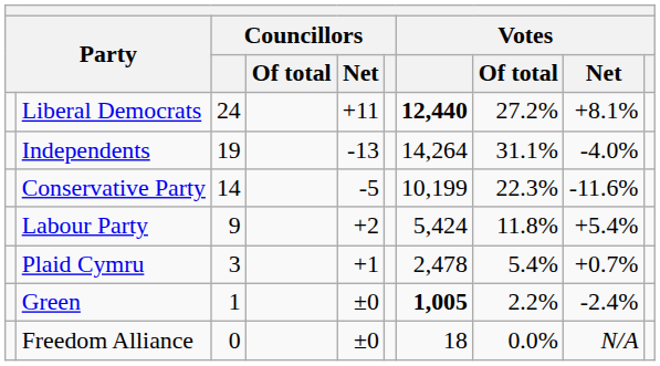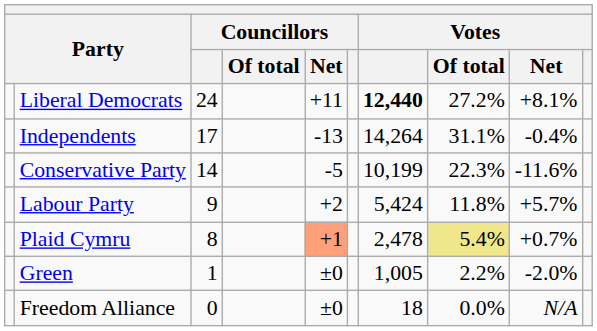 <table class="wikitable sortable" style="text-align:center;">
 <tr>
 <th colspan="10"></th>
 </tr>
 <tr>
 <th colspan="2" rowspan="2">Party</th>
 <th colspan="4">Councillors</th>
 <th colspan="4">Votes</th>
 </tr>
 <tr>
 <th></th>
 <th>Of total</th>
 <th>Net</th>
 <th class="unsortable"></th>
 <th></th>
 <th>Of total</th>
 <th>Net</th>
 <th class="unsortable"></th>
 </tr>
 <tr>
 <td style="background:"></td>
 <td style="text-align:left;"><a href='#'>Liberal Democrats</a></td>
 <td style="text-align:right;">24</td>
 <td style="text-align:right;"></td>
 <td style="text-align:right;">+11</td>
 <td data-sort-value=""></td>
 <td style="text-align:right;"><strong>12,440</strong></td>
 <td style="text-align:right;">27.2%</td>
 <td style="text-align:right;">+8.1%</td>
 <td></td>
 </tr>
 <tr>
 <td style="background:"></td>
 <td style="text-align:left;"><a href='#'>Independents</a></td>
-<td style="text-align:right;">19</td>
+<td style="text-align:right;">17</td>
 <td style="text-align:right;"></td>
 <td style="text-align:right;">-13</td>
 <td data-sort-value=""></td>
 <td style="text-align:right;">14,264</td>
 <td style="text-align:right;">31.1%</td>
-<td style="text-align:right;">-4.0%</td>
+<td style="text-align:right;">-0.4%</td>
 <td></td>
 </tr>
 <tr>
 <td style="background:"></td>
 <td style="text-align:left;"><a href='#'>Conservative Party</a></td>
 <td style="text-align:right;">14</td>
 <td style="text-align:right;"></td>
 <td style="text-align:right;">-5</td>
 <td data-sort-value=""></td>
 <td style="text-align:right;">10,199</td>
 <td style="text-align:right;">22.3%</td>
 <td style="text-align:right;">-11.6%</td>
 <td></td>
 </tr>
 <tr>
 <td style="background:"></td>
 <td style="text-align:left;"><a href='#'>Labour Party</a></td>
 <td style="text-align:right;">9</td>
 <td style="text-align:right;"></td>
 <td style="text-align:right;">+2</td>
 <td data-sort-value=""></td>
 <td style="text-align:right;">5,424</td>
 <td style="text-align:right;">11.8%</td>
-<td style="text-align:right;">+5.4%</td>
+<td style="text-align:right;">+5.7%</td>
 <td></td>
 </tr>
 <tr>
 <td style="background:"></td>
 <td style="text-align:left;"><a href='#'>Plaid Cymru</a></td>
-<td style="text-align:right;">3</td>
+<td style="text-align:right;">8</td>
 <td style="text-align:right;"></td>
-<td style="text-align:right;">+1</td>
+<td style="background: lightsalmon; text-align:right;">+1</td>
 <td data-sort-value=""></td>
 <td style="text-align:right;">2,478</td>
-<td style="text-align:right;">5.4%</td>
+<td style="background: khaki; text-align:right;">5.4%</td>
 <td style="text-align:right;">+0.7%</td>
 <td></td>
 </tr>
 <tr>
 <td style="background:"></td>
 <td style="text-align:left;"><a href='#'>Green</a></td>
 <td style="text-align:right;">1</td>
 <td style="text-align:right;"></td>
 <td style="text-align:right;">±0</td>
 <td data-sort-value=""></td>
-<td style="text-align:right;"><strong>1,005</strong></td>
+<td style="text-align:right;">1,005</td>
 <td style="text-align:right;">2.2%</td>
-<td style="text-align:right;">-2.4%</td>
+<td style="text-align:right;">-2.0%</td>
 <td></td>
 </tr>
 <tr>
 <td style="background:"></td>
 <td style="text-align:left;">Freedom Alliance</td>
 <td style="text-align:right;">0</td>
 <td style="text-align:right;"></td>
 <td style="text-align:right;">±0</td>
 <td data-sort-value=""></td>
 <td style="text-align:right;">18</td>
 <td style="text-align:right;">0.0%</td>
 <td style="text-align:right;"><em>N/A</em></td>
 <td></td>
 </tr>
 </table>
